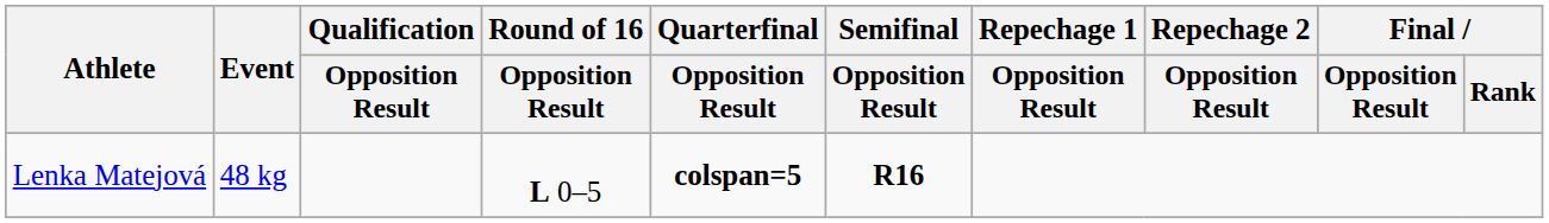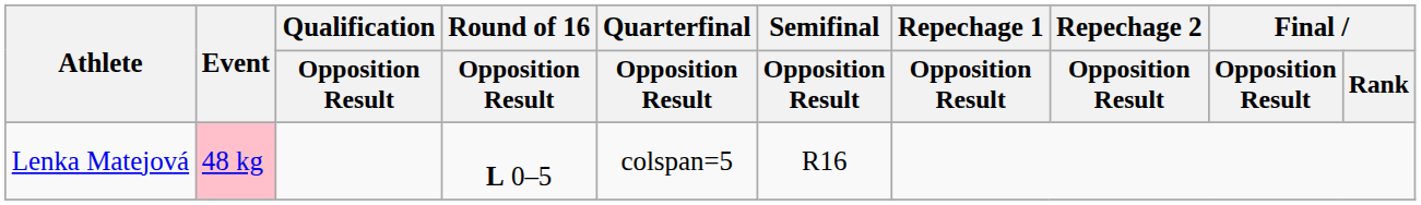 <table class="wikitable" style="font-size:90%">
 <tr>
 <th rowspan="2">Athlete</th>
 <th rowspan="2">Event</th>
 <th>Qualification</th>
 <th>Round of 16</th>
 <th>Quarterfinal</th>
 <th>Semifinal</th>
 <th>Repechage 1</th>
 <th>Repechage 2</th>
 <th colspan=2>Final / </th>
 </tr>
 <tr style="font-size: 95%">
 <th>Opposition<br>Result</th>
 <th>Opposition<br>Result</th>
 <th>Opposition<br>Result</th>
 <th>Opposition<br>Result</th>
 <th>Opposition<br>Result</th>
 <th>Opposition<br>Result</th>
 <th>Opposition<br>Result</th>
 <th>Rank</th>
 </tr>
 <tr align=center>
 <td align=left><a href='#'>Lenka Matejová</a></td>
-<td align=left><a href='#'>48 kg</a></td>
+<td align=left style="background: pink;"><a href='#'>48 kg</a></td>
 <td></td>
 <td><br> <strong>L</strong> 0–5</td>
-<td><strong>colspan=5 </strong></td>
-<td><strong>R16</strong></td>
+<td>colspan=5 </td>
+<td>R16</td>
 </tr>
 </table>
